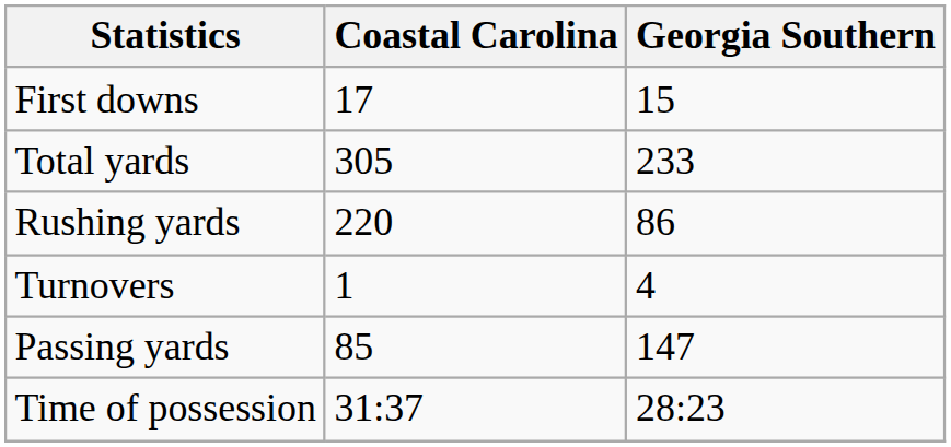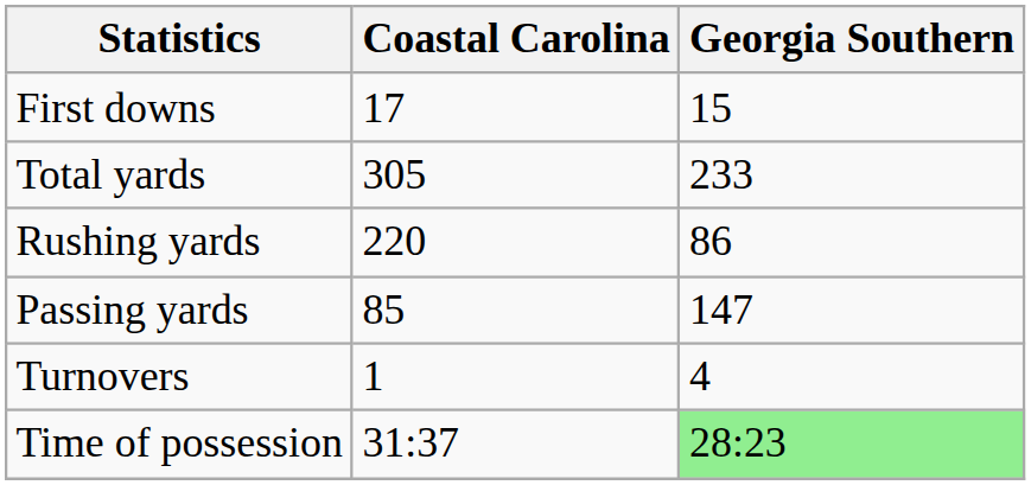 <table class="wikitable">
 <tr>
 <th>Statistics</th>
 <th>Coastal Carolina</th>
 <th>Georgia Southern</th>
 </tr>
 <tr>
 <td>First downs</td>
 <td>17</td>
 <td>15</td>
 </tr>
 <tr>
 <td>Total yards</td>
 <td>305</td>
 <td>233</td>
 </tr>
 <tr>
 <td>Rushing yards</td>
 <td>220</td>
 <td>86</td>
 </tr>
 <tr>
+<td>Passing yards</td>
+<td>85</td>
+<td>147</td>
+</tr>
+<tr>
 <td>Turnovers</td>
 <td>1</td>
 <td>4</td>
 </tr>
 <tr>
-<td>Passing yards</td>
-<td>85</td>
-<td>147</td>
-</tr>
-<tr>
 <td>Time of possession</td>
 <td>31:37</td>
-<td>28:23</td>
+<td style="background: lightgreen;">28:23</td>
 </tr>
 <tr>
 </tr>
 </table>
